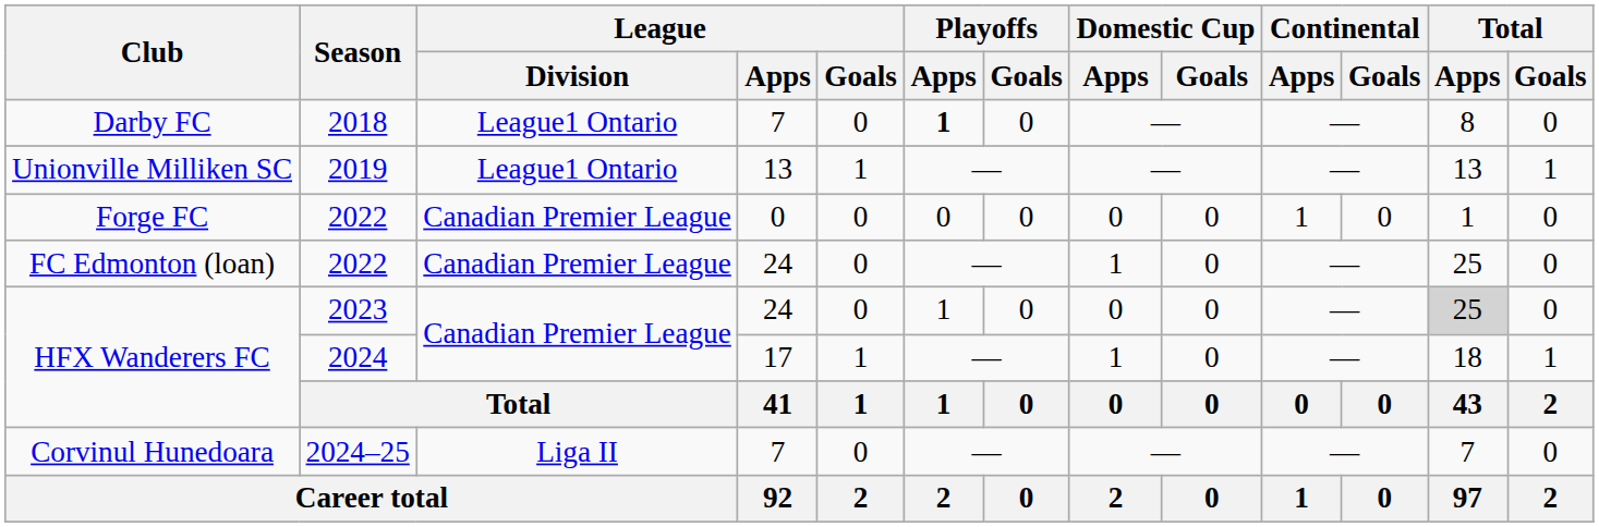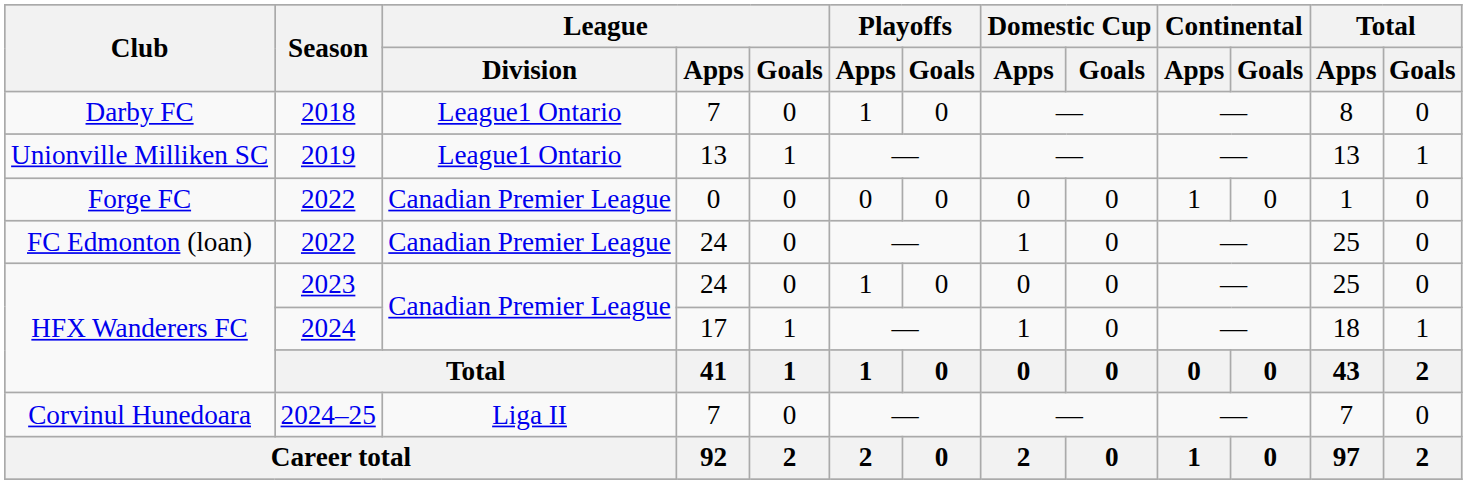 <table class="wikitable" style="text-align:center">
 <tr>
 <th rowspan="2">Club</th>
 <th rowspan="2">Season</th>
 <th colspan="3">League</th>
 <th colspan="2">Playoffs</th>
 <th colspan="2">Domestic Cup</th>
 <th colspan="2">Continental</th>
 <th colspan="2">Total</th>
 </tr>
 <tr>
 <th>Division</th>
 <th>Apps</th>
 <th>Goals</th>
 <th>Apps</th>
 <th>Goals</th>
 <th>Apps</th>
 <th>Goals</th>
 <th>Apps</th>
 <th>Goals</th>
 <th>Apps</th>
 <th>Goals</th>
 </tr>
 <tr>
 <td><a href='#'>Darby FC</a></td>
 <td><a href='#'>2018</a></td>
 <td><a href='#'>League1 Ontario</a></td>
 <td>7</td>
 <td>0</td>
-<td><strong>1</strong></td>
+<td>1</td>
 <td>0</td>
 <td colspan="2">—</td>
 <td colspan="2">—</td>
 <td>8</td>
 <td>0</td>
 </tr>
 <tr>
 <td><a href='#'>Unionville Milliken SC</a></td>
 <td><a href='#'>2019</a></td>
 <td><a href='#'>League1 Ontario</a></td>
 <td>13</td>
 <td>1</td>
 <td colspan="2">—</td>
 <td colspan="2">—</td>
 <td colspan="2">—</td>
 <td>13</td>
 <td>1</td>
 </tr>
 <tr>
 <td><a href='#'>Forge FC</a></td>
 <td><a href='#'>2022</a></td>
 <td><a href='#'>Canadian Premier League</a></td>
 <td>0</td>
 <td>0</td>
 <td>0</td>
 <td>0</td>
 <td>0</td>
 <td>0</td>
 <td>1</td>
 <td>0</td>
 <td>1</td>
 <td>0</td>
 </tr>
 <tr>
 <td><a href='#'>FC Edmonton</a> (loan)</td>
 <td><a href='#'>2022</a></td>
 <td><a href='#'>Canadian Premier League</a></td>
 <td>24</td>
 <td>0</td>
 <td colspan="2">—</td>
 <td>1</td>
 <td>0</td>
 <td colspan="2">—</td>
 <td>25</td>
 <td>0</td>
 </tr>
 <tr>
 <td rowspan="3"><a href='#'>HFX Wanderers FC</a></td>
 <td><a href='#'>2023</a></td>
 <td rowspan=2><a href='#'>Canadian Premier League</a></td>
 <td>24</td>
 <td>0</td>
 <td>1</td>
 <td>0</td>
 <td>0</td>
 <td>0</td>
 <td colspan="2">—</td>
-<td style="background: lightgrey;">25</td>
+<td>25</td>
 <td>0</td>
 </tr>
 <tr>
 <td><a href='#'>2024</a><br></td>
 <td>17</td>
 <td>1</td>
 <td colspan="2">—</td>
 <td>1</td>
 <td>0</td>
 <td colspan="2">—</td>
 <td>18</td>
 <td>1<br></td>
 </tr>
 <tr>
 <th colspan="2">Total</th>
 <th>41</th>
 <th>1</th>
 <th>1</th>
 <th>0</th>
 <th>0</th>
 <th>0</th>
 <th>0</th>
 <th>0</th>
 <th>43</th>
 <th>2</th>
 </tr>
 <tr>
 <td><a href='#'>Corvinul Hunedoara</a></td>
 <td><a href='#'>2024–25</a></td>
 <td><a href='#'>Liga II</a></td>
 <td>7</td>
 <td>0</td>
 <td colspan="2">—</td>
 <td colspan="2">—</td>
 <td colspan="2">—</td>
 <td>7</td>
 <td>0</td>
 </tr>
 <tr>
 <th colspan="3">Career total</th>
 <th>92</th>
 <th>2</th>
 <th>2</th>
 <th>0</th>
 <th>2</th>
 <th>0</th>
 <th>1</th>
 <th>0</th>
 <th>97</th>
 <th>2</th>
 </tr>
 </table>
